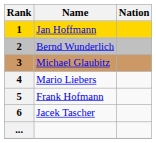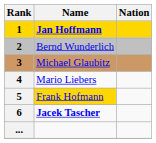 <table class="wikitable">
 <tr>
 <th>Rank</th>
 <th>Name</th>
 <th>Nation</th>
 </tr>
 <tr bgcolor="gold">
 <td align="center"><strong>1</strong></td>
-<td><a href='#'>Jan Hoffmann</a></td>
+<td><strong><a href='#'>Jan Hoffmann</a></strong></td>
 <td></td>
 </tr>
 <tr bgcolor="silver">
 <td align="center"><strong>2</strong></td>
 <td><a href='#'>Bernd Wunderlich</a></td>
 <td></td>
 </tr>
 <tr bgcolor="cc9966">
 <td align="center"><strong>3</strong></td>
 <td><a href='#'>Michael Glaubitz</a></td>
 <td></td>
 </tr>
 <tr>
 <th>4</th>
 <td><a href='#'>Mario Liebers</a></td>
 <td></td>
 </tr>
 <tr>
 <th>5</th>
-<td><a href='#'>Frank Hofmann</a></td>
+<td style="background: gold;"><a href='#'>Frank Hofmann</a></td>
 <td></td>
 </tr>
 <tr>
 <th>6</th>
-<td><a href='#'>Jacek Tascher</a></td>
+<td><strong><a href='#'>Jacek Tascher</a></strong></td>
 <td></td>
 </tr>
 <tr>
 <th>...</th>
 <td></td>
 <td></td>
 </tr>
 <tr>
 </tr>
 </table>
